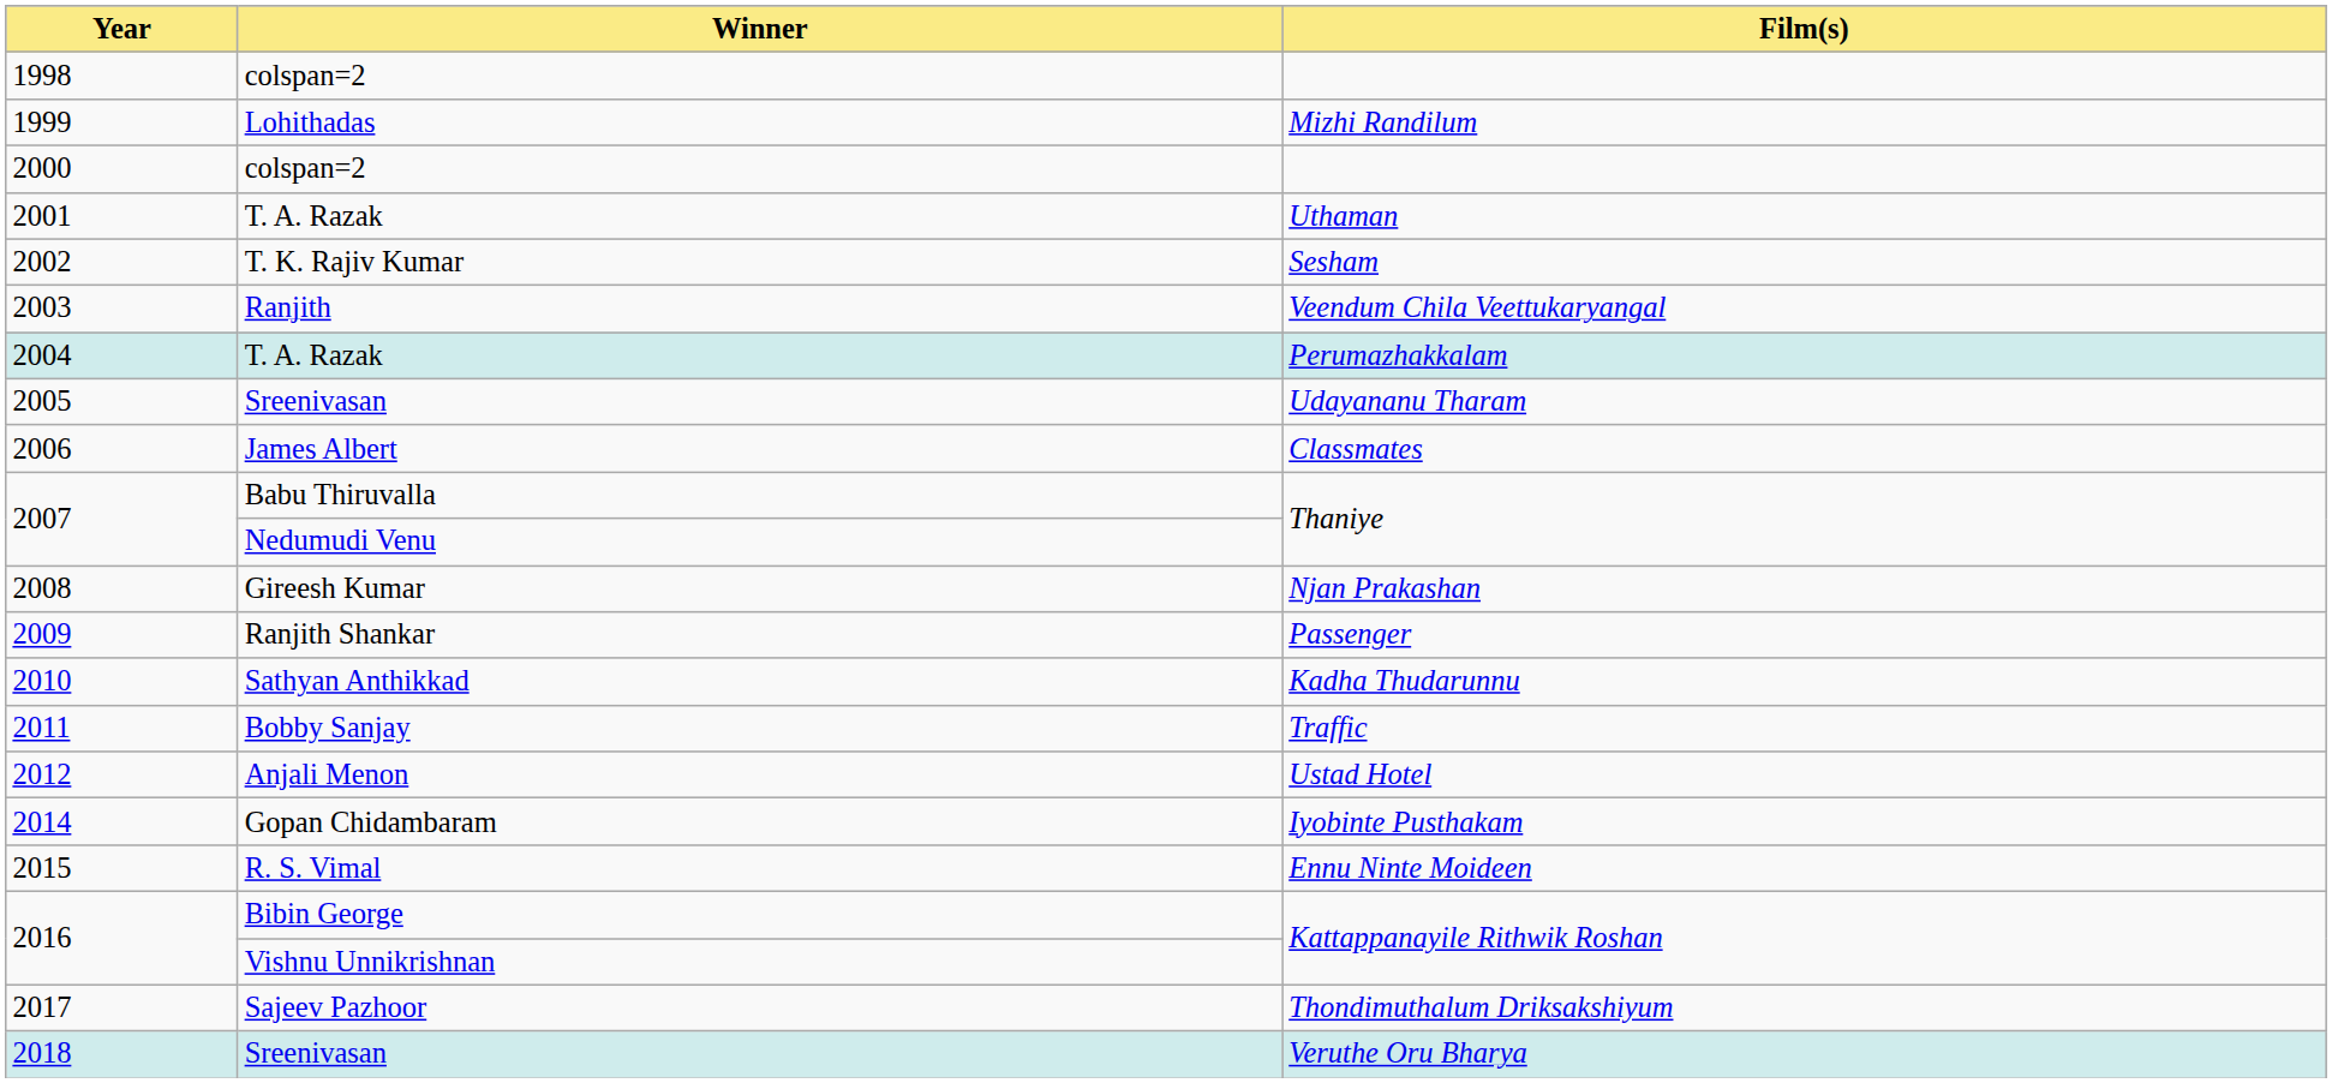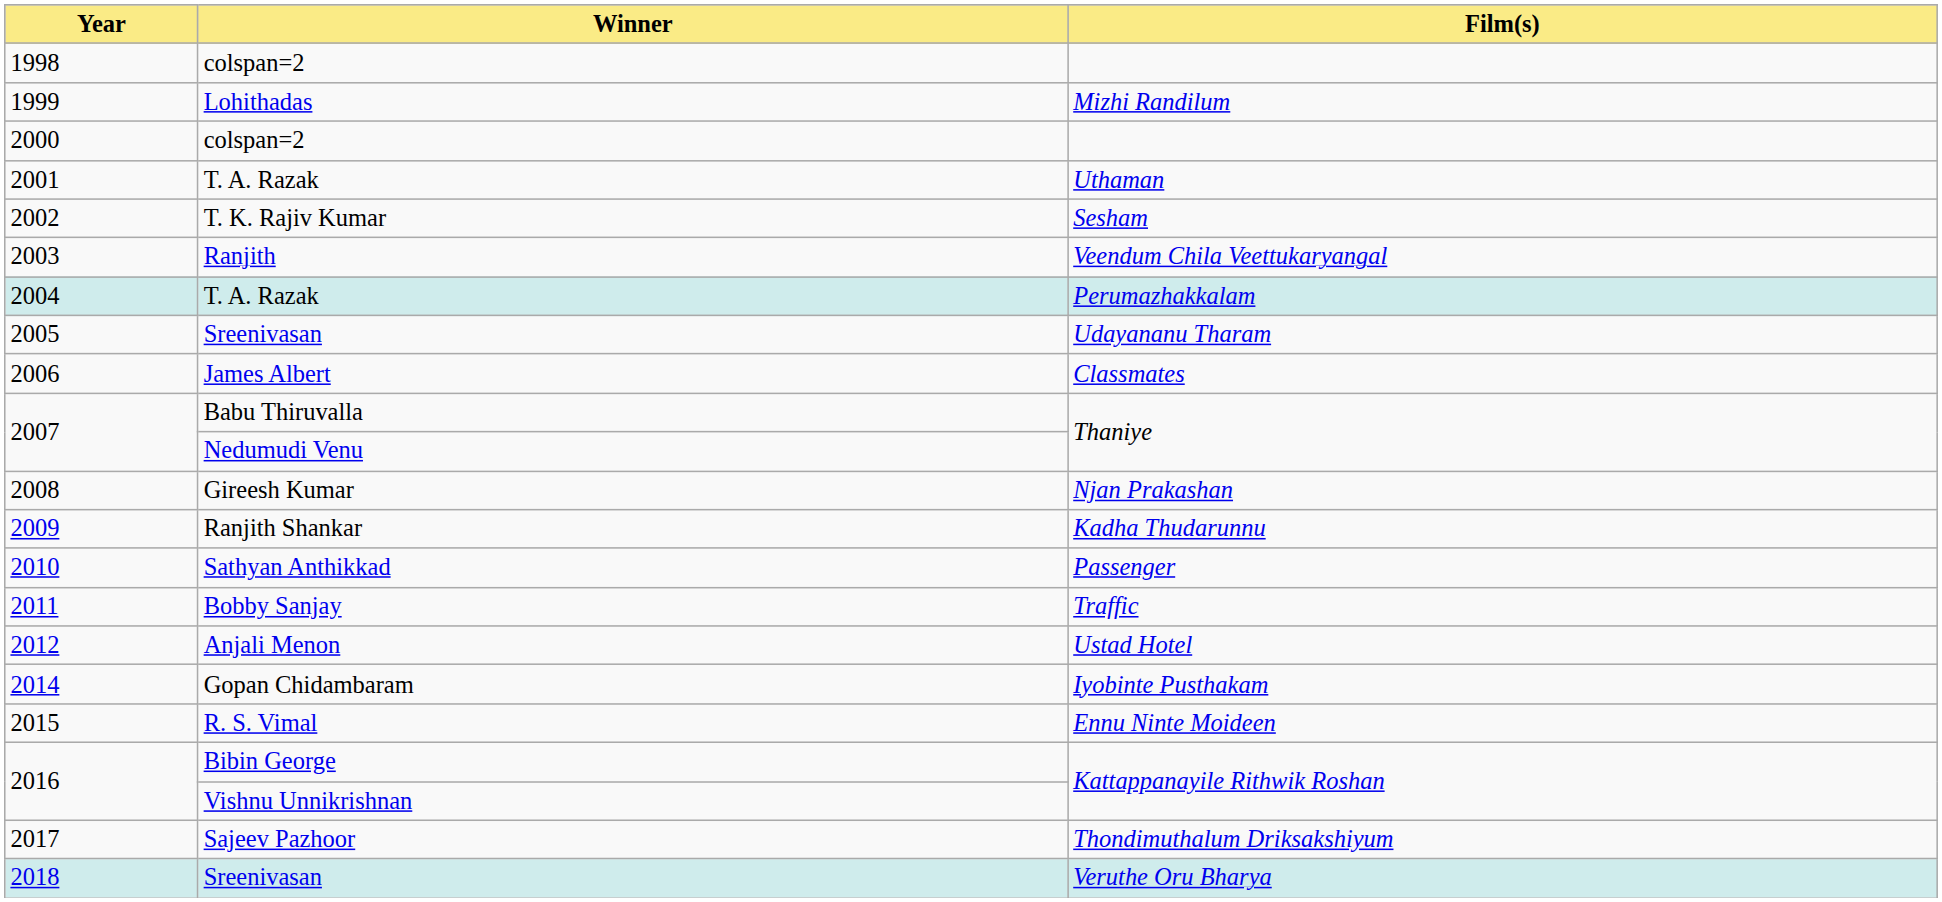 <table class="wikitable" style="width:100%">
 <tr bgcolor="#bebebe">
 <th width="10%" style="background:#FAEB86">Year</th>
 <th width="45%" style="background:#FAEB86">Winner</th>
 <th width="45%" style="background:#FAEB86">Film(s)</th>
 </tr>
 <tr>
 <td>1998</td>
 <td>colspan=2 </td>
 </tr>
 <tr>
 <td>1999</td>
 <td><a href='#'>Lohithadas</a></td>
 <td><em><a href='#'>Mizhi Randilum</a></em></td>
 </tr>
 <tr>
 <td>2000</td>
 <td>colspan=2 </td>
 </tr>
 <tr>
 <td>2001</td>
 <td>T. A. Razak</td>
 <td><em><a href='#'>Uthaman</a></em></td>
 </tr>
 <tr>
 <td>2002</td>
 <td>T. K. Rajiv Kumar</td>
 <td><em><a href='#'>Sesham</a></em></td>
 </tr>
 <tr>
 <td>2003</td>
 <td><a href='#'>Ranjith</a></td>
 <td><em><a href='#'>Veendum Chila Veettukaryangal</a></em></td>
 </tr>
 <tr bgcolor="#cfecec">
 <td>2004</td>
 <td>T. A. Razak</td>
 <td><em><a href='#'>Perumazhakkalam</a></em></td>
 </tr>
 <tr>
 <td>2005</td>
 <td><a href='#'>Sreenivasan</a></td>
 <td><em><a href='#'>Udayananu Tharam</a></em></td>
 </tr>
 <tr>
 <td>2006</td>
 <td><a href='#'>James Albert</a></td>
 <td><em><a href='#'>Classmates</a></em></td>
 </tr>
 <tr>
 <td rowspan=2>2007</td>
 <td>Babu Thiruvalla</td>
 <td rowspan=2><em>Thaniye</em></td>
 </tr>
 <tr>
 <td><a href='#'>Nedumudi Venu</a></td>
 </tr>
 <tr>
 <td>2008</td>
 <td>Gireesh Kumar</td>
 <td><em><a href='#'>Njan Prakashan</a></em></td>
 </tr>
 <tr>
 <td><a href='#'>2009</a></td>
 <td>Ranjith Shankar</td>
-<td><em><a href='#'>Passenger</a></em></td>
+<td><em><a href='#'>Kadha Thudarunnu</a></em></td>
 </tr>
 <tr>
 <td><a href='#'>2010</a></td>
 <td><a href='#'>Sathyan Anthikkad</a></td>
-<td><em><a href='#'>Kadha Thudarunnu</a></em></td>
+<td><em><a href='#'>Passenger</a></em></td>
 </tr>
 <tr>
 <td><a href='#'>2011</a></td>
 <td><a href='#'>Bobby Sanjay</a></td>
 <td><em><a href='#'>Traffic</a></em></td>
 </tr>
 <tr>
 <td><a href='#'>2012</a></td>
 <td><a href='#'>Anjali Menon</a></td>
 <td><em><a href='#'>Ustad Hotel</a></em></td>
 </tr>
 <tr>
 <td><a href='#'>2014</a></td>
 <td>Gopan Chidambaram</td>
 <td><em><a href='#'>Iyobinte Pusthakam</a></em></td>
 </tr>
 <tr>
 <td>2015</td>
 <td><a href='#'>R. S. Vimal</a></td>
 <td><em><a href='#'>Ennu Ninte Moideen</a></em></td>
 </tr>
 <tr>
 <td rowspan=2>2016</td>
 <td><a href='#'>Bibin George</a></td>
 <td rowspan=2><em><a href='#'>Kattappanayile Rithwik Roshan</a></em></td>
 </tr>
 <tr>
 <td><a href='#'>Vishnu Unnikrishnan</a></td>
 </tr>
 <tr>
 <td>2017</td>
 <td><a href='#'>Sajeev Pazhoor</a></td>
 <td><em><a href='#'>Thondimuthalum Driksakshiyum</a></em></td>
 </tr>
 <tr bgcolor="#cfecec">
 <td><a href='#'>2018</a></td>
 <td><a href='#'>Sreenivasan</a></td>
 <td><em><a href='#'>Veruthe Oru Bharya</a></em></td>
 </tr>
 </table>
